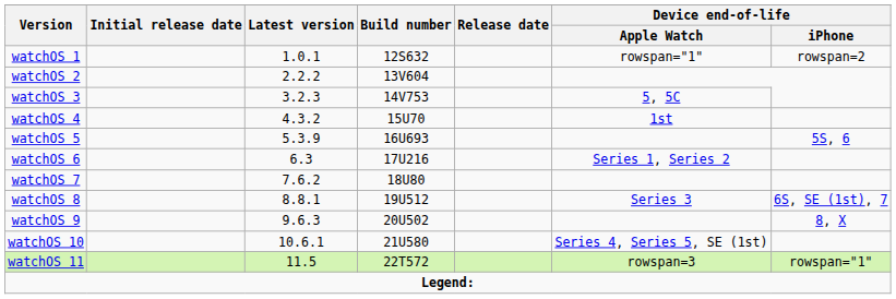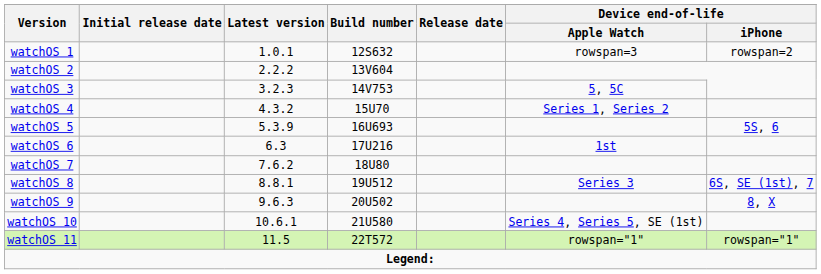 <table class=wikitable style="text-align:center;">
 <tr>
 </tr>
 <tr>
 <th rowspan=2>Version</th>
 <th rowspan=2>Initial release date</th>
 <th rowspan=2>Latest version</th>
 <th rowspan=2>Build number</th>
 <th rowspan=2>Release date</th>
 <th colspan=3>Device end-of-life</th>
 </tr>
 <tr>
 <th>Apple Watch</th>
 <th>iPhone</th>
 </tr>
 <tr>
 <td><a href='#'>watchOS 1</a></td>
 <td></td>
 <td>1.0.1</td>
 <td>12S632</td>
 <td></td>
-<td>rowspan="1" </td>
+<td>rowspan=3 </td>
 <td>rowspan=2 </td>
 </tr>
 <tr>
 <td><a href='#'>watchOS 2</a></td>
 <td></td>
 <td>2.2.2</td>
 <td>13V604</td>
 <td></td>
 </tr>
 <tr>
 <td><a href='#'>watchOS 3</a></td>
 <td></td>
 <td>3.2.3</td>
 <td>14V753</td>
 <td></td>
 <td><a href='#'>5</a>, <a href='#'>5C</a></td>
 </tr>
 <tr>
 <td><a href='#'>watchOS 4</a></td>
 <td></td>
 <td>4.3.2</td>
 <td>15U70</td>
 <td></td>
-<td><a href='#'>1st</a></td>
+<td><a href='#'>Series 1</a>, <a href='#'>Series 2</a></td>
 <td></td>
 </tr>
 <tr>
 <td><a href='#'>watchOS 5</a></td>
 <td></td>
 <td>5.3.9</td>
 <td>16U693</td>
 <td></td>
 <td></td>
 <td><a href='#'>5S</a>, <a href='#'>6</a></td>
 </tr>
 <tr>
 <td><a href='#'>watchOS 6</a></td>
 <td></td>
 <td>6.3</td>
 <td>17U216</td>
 <td></td>
-<td><a href='#'>Series 1</a>, <a href='#'>Series 2</a></td>
+<td><a href='#'>1st</a></td>
 <td></td>
 </tr>
 <tr>
 <td><a href='#'>watchOS 7</a></td>
 <td></td>
 <td>7.6.2</td>
 <td>18U80</td>
 <td></td>
 <td></td>
 <td></td>
 </tr>
 <tr>
 <td><a href='#'>watchOS 8</a></td>
 <td></td>
 <td>8.8.1</td>
 <td>19U512</td>
 <td></td>
 <td><a href='#'>Series 3</a></td>
 <td><a href='#'>6S</a>, <a href='#'>SE (1st)</a>, <a href='#'>7</a></td>
 </tr>
 <tr>
 <td><a href='#'>watchOS 9</a></td>
 <td></td>
 <td>9.6.3</td>
 <td>20U502</td>
 <td></td>
 <td></td>
 <td><a href='#'>8</a>, <a href='#'>X</a></td>
 </tr>
 <tr>
 <td><a href='#'>watchOS 10</a></td>
 <td></td>
 <td>10.6.1</td>
 <td>21U580</td>
 <td></td>
 <td><a href='#'>Series 4</a>, <a href='#'>Series 5</a>, SE (1st)</td>
 <td></td>
 </tr>
 <tr style="background:#d4f4b4">
 <td rowspan="1"><a href='#'>watchOS 11</a></td>
 <td rowspan="1"></td>
 <td>11.5</td>
 <td>22T572</td>
 <td> </td>
-<td>rowspan=3 </td>
+<td>rowspan="1" </td>
 <td>rowspan="1" </td>
 </tr>
 <tr>
 <td colspan="7"><strong>Legend:</strong>    </td>
 </tr>
 </table>
